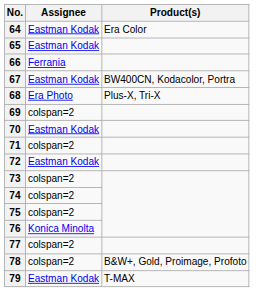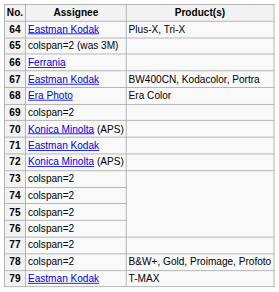 <table class="wikitable" style="font-size:75%;text-align:left;">
 <tr>
 <th>No.</th>
 <th>Assignee</th>
 <th>Product(s)</th>
 </tr>
 <tr>
 <th>64</th>
 <td><a href='#'>Eastman Kodak</a></td>
-<td>Era Color</td>
+<td>Plus-X, Tri-X</td>
 </tr>
 <tr>
 <th>65</th>
-<td><a href='#'>Eastman Kodak</a></td>
+<td>colspan=2  (was 3M)</td>
 </tr>
 <tr>
 <th>66</th>
 <td><a href='#'>Ferrania</a></td>
 <td></td>
 </tr>
 <tr>
 <th>67</th>
 <td><a href='#'>Eastman Kodak</a></td>
 <td>BW400CN, Kodacolor, Portra</td>
 </tr>
 <tr>
 <th>68</th>
 <td><a href='#'>Era Photo</a></td>
-<td>Plus-X, Tri-X</td>
+<td>Era Color</td>
 </tr>
 <tr>
 <th>69</th>
 <td>colspan=2 </td>
 </tr>
 <tr>
 <th>70</th>
-<td><a href='#'>Eastman Kodak</a></td>
+<td><a href='#'>Konica Minolta</a> (APS)</td>
 <td></td>
 </tr>
 <tr>
 <th>71</th>
-<td>colspan=2 </td>
+<td><a href='#'>Eastman Kodak</a></td>
 </tr>
 <tr>
 <th>72</th>
-<td><a href='#'>Eastman Kodak</a></td>
+<td><a href='#'>Konica Minolta</a> (APS)</td>
 <td></td>
 </tr>
 <tr>
 <th>73</th>
 <td>colspan=2 </td>
 </tr>
 <tr>
 <th>74</th>
 <td>colspan=2 </td>
 </tr>
 <tr>
 <th>75</th>
 <td>colspan=2 </td>
 </tr>
 <tr>
 <th>76</th>
-<td><a href='#'>Konica Minolta</a></td>
+<td>colspan=2 </td>
 </tr>
 <tr>
 <th>77</th>
 <td>colspan=2 </td>
 <td></td>
 </tr>
 <tr>
 <th>78</th>
 <td>colspan=2 </td>
 <td>B&W+, Gold, Proimage, Profoto</td>
 </tr>
 <tr>
 <th>79</th>
 <td><a href='#'>Eastman Kodak</a></td>
 <td>T-MAX</td>
 </tr>
 </table>
